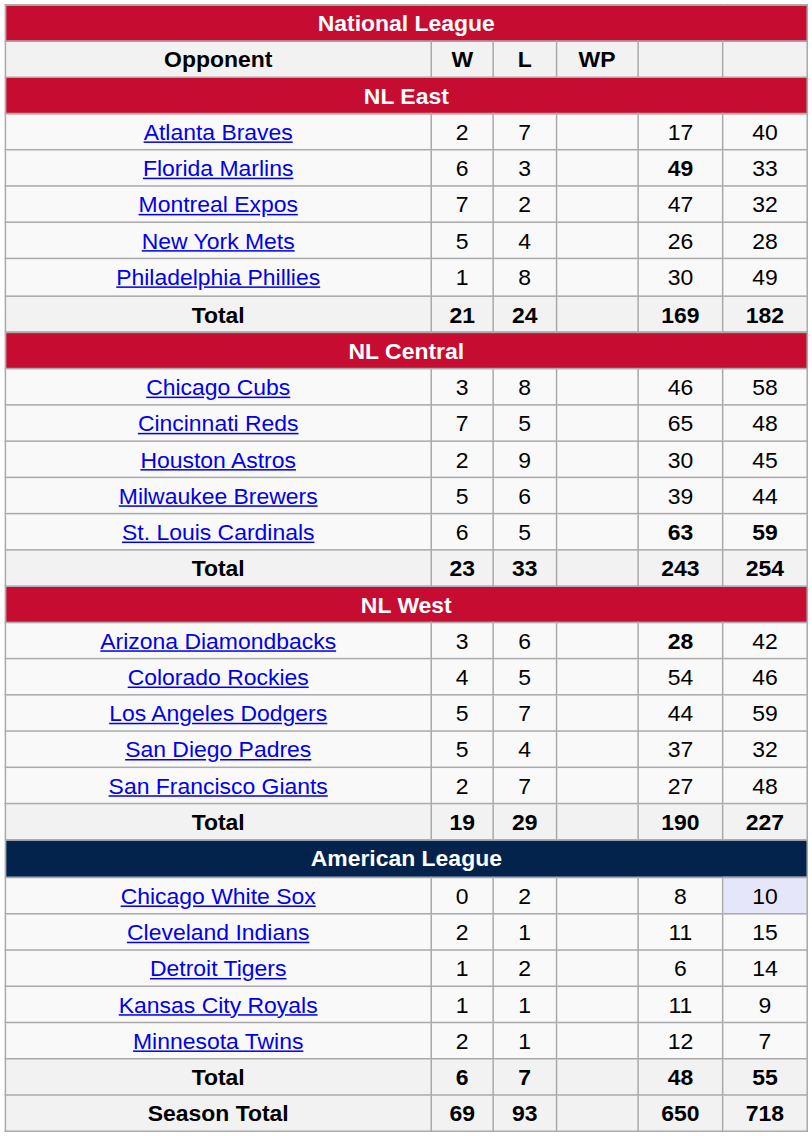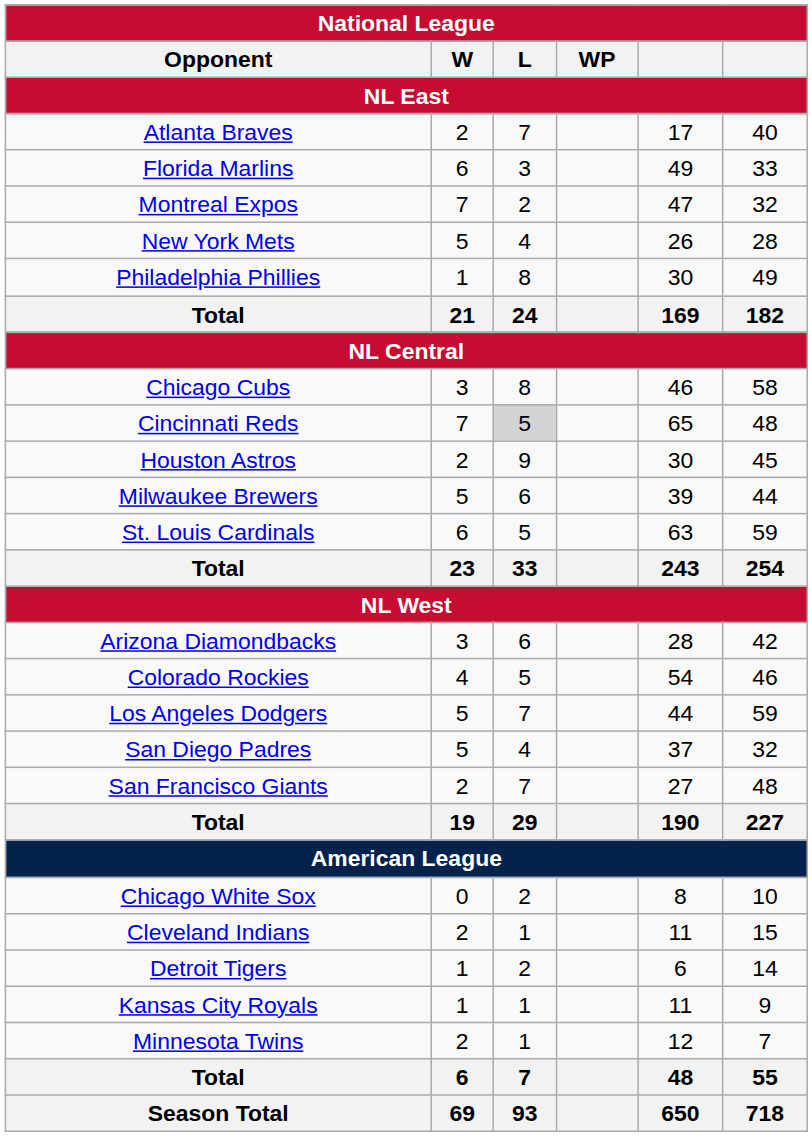 <table class="wikitable" style="font-size:95%; text-align:center; width:35em;margin: 0.5em auto;">
 <tr>
 <td colspan="7" style="background:#c60c30;color:#fff"><strong>National League</strong></td>
 </tr>
 <tr>
 <th>Opponent</th>
 <th>W</th>
 <th>L</th>
 <th>WP</th>
 <th></th>
 <th></th>
 </tr>
 <tr>
 <td colspan="7" style="background:#c60c30;color:#fff"><strong>NL East</strong></td>
 </tr>
 <tr>
 <td><a href='#'>Atlanta Braves</a></td>
 <td>2</td>
 <td>7</td>
 <td></td>
 <td>17</td>
 <td>40</td>
 </tr>
 <tr>
 <td><a href='#'>Florida Marlins</a></td>
 <td>6</td>
 <td>3</td>
 <td></td>
-<td><strong>49</strong></td>
+<td>49</td>
 <td>33</td>
 </tr>
 <tr>
 <td><a href='#'>Montreal Expos</a></td>
 <td>7</td>
 <td>2</td>
 <td></td>
 <td>47</td>
 <td>32</td>
 </tr>
 <tr>
 <td><a href='#'>New York Mets</a></td>
 <td>5</td>
 <td>4</td>
 <td></td>
 <td>26</td>
 <td>28</td>
 </tr>
 <tr>
 <td><a href='#'>Philadelphia Phillies</a></td>
 <td>1</td>
 <td>8</td>
 <td></td>
 <td>30</td>
 <td>49</td>
 </tr>
 <tr>
 <th>Total</th>
 <th>21</th>
 <th>24</th>
 <th></th>
 <th>169</th>
 <th>182</th>
 </tr>
 <tr>
 <td colspan="7" style="background:#c60c30;color:#fff"><strong>NL Central</strong></td>
 </tr>
 <tr>
 <td><a href='#'>Chicago Cubs</a></td>
 <td>3</td>
 <td>8</td>
 <td></td>
 <td>46</td>
 <td>58</td>
 </tr>
 <tr>
 <td><a href='#'>Cincinnati Reds</a></td>
 <td>7</td>
-<td>5</td>
+<td style="background: lightgrey;">5</td>
 <td></td>
 <td>65</td>
 <td>48</td>
 </tr>
 <tr>
 <td><a href='#'>Houston Astros</a></td>
 <td>2</td>
 <td>9</td>
 <td></td>
 <td>30</td>
 <td>45</td>
 </tr>
 <tr>
 <td><a href='#'>Milwaukee Brewers</a></td>
 <td>5</td>
 <td>6</td>
 <td></td>
 <td>39</td>
 <td>44</td>
 </tr>
 <tr>
 <td><a href='#'>St. Louis Cardinals</a></td>
 <td>6</td>
 <td>5</td>
 <td></td>
-<td><strong>63</strong></td>
-<td><strong>59</strong></td>
+<td>63</td>
+<td>59</td>
 </tr>
 <tr>
 <th>Total</th>
 <th>23</th>
 <th>33</th>
 <th></th>
 <th>243</th>
 <th>254</th>
 </tr>
 <tr>
 <td colspan="7" style="background:#c60c30;color:#fff"><strong>NL West</strong></td>
 </tr>
 <tr>
 <td><a href='#'>Arizona Diamondbacks</a></td>
 <td>3</td>
 <td>6</td>
 <td></td>
-<td><strong>28</strong></td>
+<td>28</td>
 <td>42</td>
 </tr>
 <tr>
 <td><a href='#'>Colorado Rockies</a></td>
 <td>4</td>
 <td>5</td>
 <td></td>
 <td>54</td>
 <td>46</td>
 </tr>
 <tr>
 <td><a href='#'>Los Angeles Dodgers</a></td>
 <td>5</td>
 <td>7</td>
 <td></td>
 <td>44</td>
 <td>59</td>
 </tr>
 <tr>
 <td><a href='#'>San Diego Padres</a></td>
 <td>5</td>
 <td>4</td>
 <td></td>
 <td>37</td>
 <td>32</td>
 </tr>
 <tr>
 <td><a href='#'>San Francisco Giants</a></td>
 <td>2</td>
 <td>7</td>
 <td></td>
 <td>27</td>
 <td>48</td>
 </tr>
 <tr>
 <th>Total</th>
 <th>19</th>
 <th>29</th>
 <th></th>
 <th>190</th>
 <th>227</th>
 </tr>
 <tr>
 <td colspan="7" style="background:#03224c;color:#fff"><strong>American League</strong></td>
 </tr>
 <tr>
 <td><a href='#'>Chicago White Sox</a></td>
 <td>0</td>
 <td>2</td>
 <td></td>
 <td>8</td>
-<td style="background: lavender;">10</td>
+<td>10</td>
 </tr>
 <tr>
 <td><a href='#'>Cleveland Indians</a></td>
 <td>2</td>
 <td>1</td>
 <td></td>
 <td>11</td>
 <td>15</td>
 </tr>
 <tr>
 <td><a href='#'>Detroit Tigers</a></td>
 <td>1</td>
 <td>2</td>
 <td></td>
 <td>6</td>
 <td>14</td>
 </tr>
 <tr>
 <td><a href='#'>Kansas City Royals</a></td>
 <td>1</td>
 <td>1</td>
 <td></td>
 <td>11</td>
 <td>9</td>
 </tr>
 <tr>
 <td><a href='#'>Minnesota Twins</a></td>
 <td>2</td>
 <td>1</td>
 <td></td>
 <td>12</td>
 <td>7</td>
 </tr>
 <tr>
 <th>Total</th>
 <th>6</th>
 <th>7</th>
 <th></th>
 <th>48</th>
 <th>55</th>
 </tr>
 <tr>
 <th>Season Total</th>
 <th>69</th>
 <th>93</th>
 <th></th>
 <th>650</th>
 <th>718</th>
 </tr>
 </table>
